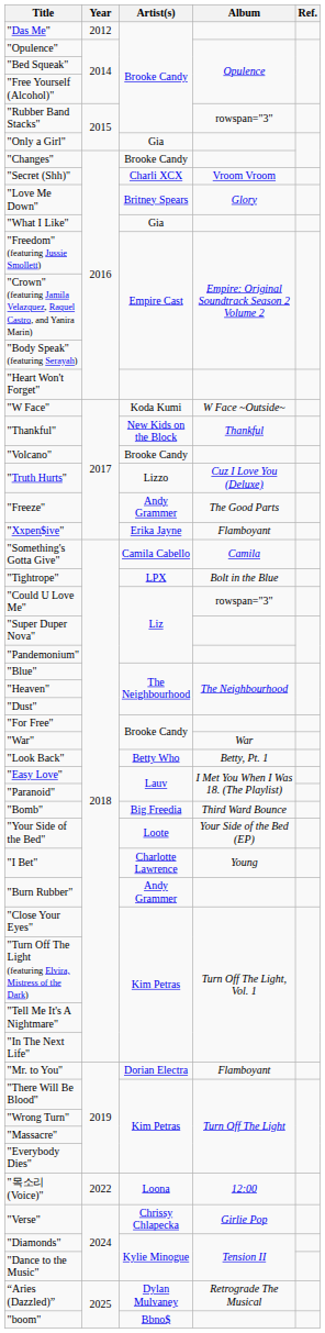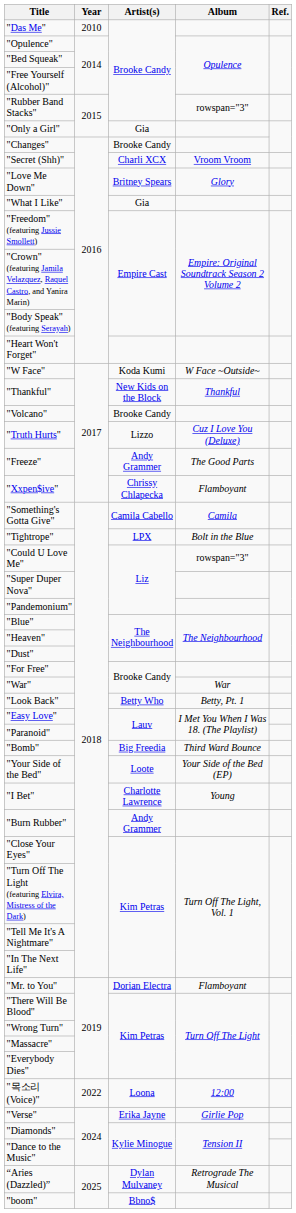 <table class="wikitable" style="text-align:center;">
 <tr>
 <th scope="col" style="width:6em;">Title</th>
 <th scope="col" style="width:3em;">Year</th>
 <th scope="col" style="width:6em;">Artist(s)</th>
 <th scope="col" style="width:9em;">Album</th>
 <th scope="col" style="width:1em;">Ref.</th>
 </tr>
 <tr>
 <td align="left">"<a href='#'>Das Me</a>"</td>
-<td>2012</td>
+<td>2010</td>
 <td rowspan="5"><a href='#'>Brooke Candy</a></td>
 <td></td>
 <td></td>
 </tr>
 <tr>
 <td align="left">"Opulence"</td>
 <td rowspan="3" align=center>2014</td>
 <td rowspan="3"><em><a href='#'>Opulence</a></em></td>
 <td rowspan="3"></td>
 </tr>
 <tr>
 <td align="left">"Bed Squeak"</td>
 </tr>
 <tr>
 <td align="left">"Free Yourself (Alcohol)"</td>
 </tr>
 <tr>
 <td align="left">"Rubber Band Stacks"</td>
 <td rowspan="2">2015</td>
 <td>rowspan="3" </td>
 <td></td>
 </tr>
 <tr>
 <td align="left">"Only a Girl"</td>
 <td>Gia</td>
 <td></td>
 </tr>
 <tr>
 <td align="left">"Changes"</td>
 <td rowspan="8">2016</td>
 <td>Brooke Candy</td>
 <td></td>
 </tr>
 <tr>
 <td align="left">"Secret (Shh)"</td>
 <td><a href='#'>Charli XCX</a></td>
 <td><a href='#'>Vroom Vroom</a></td>
 <td></td>
 </tr>
 <tr>
 <td align="left">"Love Me Down"</td>
 <td><a href='#'>Britney Spears</a></td>
 <td><em><a href='#'>Glory</a></em></td>
 <td></td>
 </tr>
 <tr>
 <td align="left">"What I Like"</td>
 <td>Gia</td>
 <td></td>
 <td></td>
 </tr>
 <tr>
 <td align="left">"Freedom"<br><small>(featuring <a href='#'>Jussie Smollett</a>)</small></td>
 <td rowspan="3"><a href='#'>Empire Cast</a></td>
 <td rowspan="3"><em><a href='#'>Empire: Original Soundtrack Season 2 Volume 2</a></em></td>
 <td rowspan="3"></td>
 </tr>
 <tr>
 <td align="left">"Crown"<br><small>(featuring <a href='#'>Jamila Velazquez</a>, <a href='#'>Raquel Castro</a>, and Yanira Marin)</small></td>
 </tr>
 <tr>
 <td align="left">"Body Speak"<br><small>(featuring <a href='#'>Serayah</a>)</small></td>
 </tr>
 <tr>
 <td align="left">"Heart Won't Forget"</td>
 <td></td>
 <td></td>
 <td></td>
 </tr>
 <tr>
 <td align="left">"W Face"</td>
 <td rowspan="6">2017</td>
 <td>Koda Kumi</td>
 <td><em>W Face ~Outside~</em></td>
 <td></td>
 </tr>
 <tr>
 <td align="left">"Thankful"</td>
 <td><a href='#'>New Kids on the Block</a></td>
 <td><em><a href='#'>Thankful</a></em></td>
 <td></td>
 </tr>
 <tr>
 <td align="left">"Volcano"</td>
 <td>Brooke Candy</td>
 <td></td>
 <td></td>
 </tr>
 <tr>
 <td align="left">"<a href='#'>Truth Hurts</a>"</td>
 <td>Lizzo</td>
 <td><em><a href='#'>Cuz I Love You (Deluxe)</a></em></td>
 <td></td>
 </tr>
 <tr>
 <td align="left">"Freeze"</td>
 <td><a href='#'>Andy Grammer</a></td>
 <td><em>The Good Parts</em></td>
 <td></td>
 </tr>
 <tr>
 <td align="left">"<a href='#'>Xxpen$ive</a>"</td>
-<td><a href='#'>Erika Jayne</a></td>
+<td><a href='#'>Chrissy Chlapecka</a></td>
 <td><em>Flamboyant</em></td>
 <td></td>
 </tr>
 <tr>
 <td align="left">"Something's Gotta Give"</td>
 <td rowspan="21">2018</td>
 <td><a href='#'>Camila Cabello</a></td>
 <td><em><a href='#'>Camila</a></em></td>
 <td></td>
 </tr>
 <tr>
 <td align="left">"Tightrope"</td>
 <td><a href='#'>LPX</a></td>
 <td><em>Bolt in the Blue</em></td>
 <td></td>
 </tr>
 <tr>
 <td align="left">"Could U Love Me"</td>
 <td rowspan="3"><a href='#'>Liz</a></td>
 <td>rowspan="3" </td>
 <td></td>
 </tr>
 <tr>
 <td align="left">"Super Duper Nova"</td>
 <td></td>
 </tr>
 <tr>
 <td align="left">"Pandemonium"</td>
 <td></td>
 </tr>
 <tr>
 <td align="left">"Blue"</td>
 <td rowspan="3"><a href='#'>The Neighbourhood</a></td>
 <td rowspan="3"><em><a href='#'>The Neighbourhood</a></em></td>
 <td rowspan="3"></td>
 </tr>
 <tr>
 <td align="left">"Heaven"</td>
 </tr>
 <tr>
 <td align="left">"Dust"</td>
 </tr>
 <tr>
 <td align="left">"For Free"</td>
 <td rowspan="2">Brooke Candy</td>
 <td></td>
 <td></td>
 </tr>
 <tr>
 <td align="left">"War"</td>
 <td><em>War</em></td>
 <td></td>
 </tr>
 <tr>
 <td align="left">"Look Back"</td>
 <td><a href='#'>Betty Who</a></td>
 <td><em>Betty, Pt. 1</em></td>
 <td></td>
 </tr>
 <tr>
 <td align="left">"<a href='#'>Easy Love</a>"</td>
 <td rowspan="2"><a href='#'>Lauv</a></td>
 <td rowspan="2"><em>I Met You When I Was 18. (The Playlist)</em></td>
 <td></td>
 </tr>
 <tr>
 <td align="left">"Paranoid"</td>
 <td></td>
 </tr>
 <tr>
 <td align="left">"Bomb"</td>
 <td rowspan="1"><a href='#'>Big Freedia</a></td>
 <td rowspan="1"><em>Third Ward Bounce</em></td>
 <td></td>
 </tr>
 <tr>
 <td align="left">"Your Side of the Bed"</td>
 <td><a href='#'>Loote</a></td>
 <td><em>Your Side of the Bed (EP)</em></td>
 <td></td>
 </tr>
 <tr>
 <td align="left">"I Bet"</td>
 <td><a href='#'>Charlotte Lawrence</a></td>
 <td><em>Young</em></td>
 <td></td>
 </tr>
 <tr>
 <td align="left">"Burn Rubber"</td>
 <td><a href='#'>Andy Grammer</a></td>
 <td></td>
 <td></td>
 </tr>
 <tr>
 <td align="left">"Close Your Eyes"</td>
 <td rowspan="4"><a href='#'>Kim Petras</a></td>
 <td rowspan="4"><em>Turn Off The Light, Vol. 1</em></td>
 <td rowspan="4"></td>
 </tr>
 <tr>
 <td align="left">"Turn Off The Light<br><small>(featuring <a href='#'>Elvira, Mistress of the Dark</a>)</small></td>
 </tr>
 <tr>
 <td align="left">"Tell Me It's A Nightmare"</td>
 </tr>
 <tr>
 <td align="left">"In The Next Life"</td>
 </tr>
 <tr>
 <td align="left">"Mr. to You"</td>
 <td rowspan="5">2019</td>
 <td><a href='#'>Dorian Electra</a></td>
 <td><em>Flamboyant</em></td>
 <td></td>
 </tr>
 <tr>
 <td align="left">"There Will Be Blood"</td>
 <td rowspan="4"><a href='#'>Kim Petras</a></td>
 <td rowspan="4"><em><a href='#'>Turn Off The Light</a></em></td>
 <td rowspan="4"></td>
 </tr>
 <tr>
 <td align="left">"Wrong Turn"</td>
 </tr>
 <tr>
 <td align="left">"Massacre"</td>
 </tr>
 <tr>
 <td align="left">"Everybody Dies"</td>
 </tr>
 <tr>
 <td align="left">"목소리 (Voice)"</td>
 <td>2022</td>
 <td><a href='#'>Loona</a></td>
 <td><em><a href='#'>12:00</a></em></td>
 <td></td>
 </tr>
 <tr>
 <td align="left">"Verse"</td>
 <td rowspan="3">2024</td>
-<td><a href='#'>Chrissy Chlapecka</a></td>
+<td><a href='#'>Erika Jayne</a></td>
 <td><em><a href='#'>Girlie Pop</a></em></td>
 <td></td>
 </tr>
 <tr>
 <td align="left">"Diamonds"</td>
 <td rowspan="2"><a href='#'>Kylie Minogue</a></td>
 <td rowspan="2"><em><a href='#'>Tension II</a></em></td>
 <td></td>
 </tr>
 <tr>
 <td align="left">"Dance to the Music"</td>
 <td></td>
 </tr>
 <tr>
 <td align="left">“Aries (Dazzled)”</td>
 <td rowspan="2">2025</td>
 <td><a href='#'>Dylan Mulvaney</a></td>
 <td><em>Retrograde The Musical</em></td>
 <td></td>
 </tr>
 <tr>
 <td align="left">"boom"</td>
 <td><a href='#'>Bbno$</a></td>
 <td></td>
 <td></td>
 </tr>
 </table>
